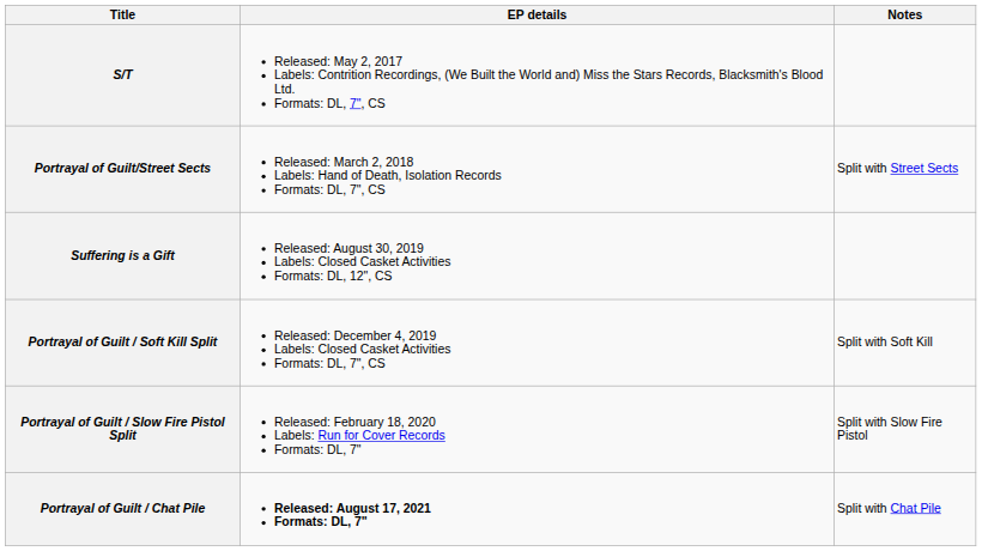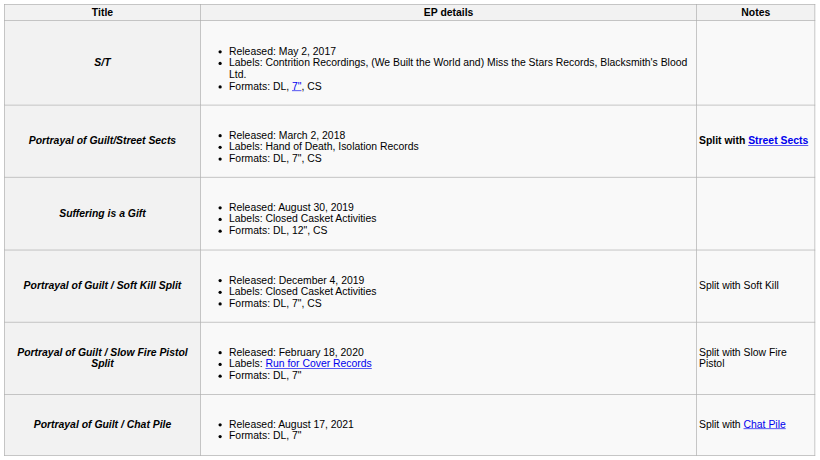 <table class="wikitable plainrowheaders">
 <tr>
 <th>Title</th>
 <th>EP details</th>
 <th>Notes</th>
 </tr>
 <tr>
 <th scope="row"><em>S/T</em></th>
 <td><br><ul><li>Released: May 2, 2017</li><li>Labels: Contrition Recordings, (We Built the World and) Miss the Stars Records, Blacksmith's Blood Ltd.</li><li>Formats: DL, <a href='#'>7"</a>, CS</li></ul></td>
 </tr>
 <tr>
 <th scope="row"><em>Portrayal of Guilt/Street Sects</em></th>
 <td><br><ul><li>Released: March 2, 2018</li><li>Labels: Hand of Death, Isolation Records</li><li>Formats: DL, 7", CS</li></ul></td>
-<td>Split with <a href='#'>Street Sects</a></td>
+<td><strong>Split with <a href='#'>Street Sects</a></strong></td>
 </tr>
 <tr>
 <th scope="row"><em>Suffering is a Gift</em></th>
 <td><br><ul><li>Released: August 30, 2019</li><li>Labels: Closed Casket Activities</li><li>Formats: DL, 12", CS</li></ul></td>
 </tr>
 <tr>
 <th scope="row"><em>Portrayal of Guilt / Soft Kill Split</em></th>
 <td><br><ul><li>Released: December 4, 2019</li><li>Labels: Closed Casket Activities</li><li>Formats: DL, 7", CS</li></ul></td>
 <td>Split with Soft Kill</td>
 </tr>
 <tr>
 <th scope="row"><em>Portrayal of Guilt / Slow Fire Pistol Split</em></th>
 <td><br><ul><li>Released: February 18, 2020</li><li>Labels: <a href='#'>Run for Cover Records</a></li><li>Formats: DL, 7"</li></ul></td>
 <td>Split with Slow Fire Pistol</td>
 </tr>
 <tr>
 <th scope="row"><em>Portrayal of Guilt / Chat Pile</em></th>
-<td><strong><br><ul><li>Released: August 17, 2021</li><li>Formats: DL, 7"</li></ul></strong></td>
+<td><br><ul><li>Released: August 17, 2021</li><li>Formats: DL, 7"</li></ul></td>
 <td>Split with <a href='#'>Chat Pile</a></td>
 </tr>
 </table>
